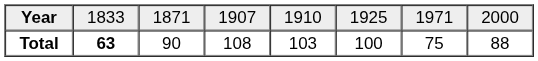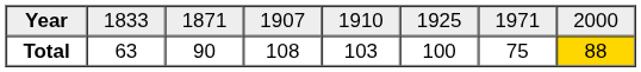 <table border="1" cellpadding="2" cellspacing="0" width="500">
 <tr bgcolor="#eeeeee" align="center">
 <td><strong>Year</strong></td>
 <td>1833</td>
 <td>1871</td>
 <td>1907</td>
 <td>1910</td>
 <td>1925</td>
 <td>1971</td>
 <td>2000</td>
 </tr>
 <tr align="center">
 <td><strong>Total</strong></td>
-<td><strong>63</strong></td>
+<td>63</td>
 <td>90</td>
 <td>108</td>
 <td>103</td>
 <td>100</td>
 <td>75</td>
-<td>88</td>
+<td style="background: gold;">88</td>
 </tr>
 </table>
